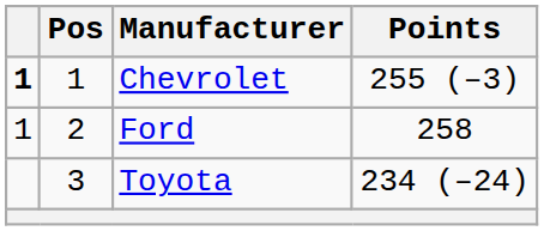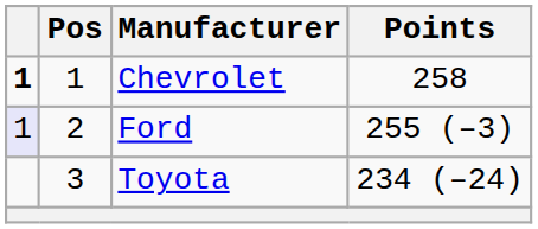 <table class="wikitable" style="font-size: 95%;">
 <tr>
 <th></th>
 <th>Pos</th>
 <th>Manufacturer</th>
 <th>Points</th>
 </tr>
 <tr>
 <td align="left"><strong> 1</strong></td>
 <td style="text-align:center;">1</td>
 <td><a href='#'>Chevrolet</a></td>
-<td style="text-align:center;">255 (–3)</td>
+<td style="text-align:center;">258</td>
 </tr>
 <tr>
-<td align="left"> 1</td>
+<td align="left" style="background: lavender;"> 1</td>
 <td style="text-align:center;">2</td>
 <td><a href='#'>Ford</a></td>
-<td style="text-align:center;">258</td>
+<td style="text-align:center;">255 (–3)</td>
 </tr>
 <tr>
 <td align="left"></td>
 <td style="text-align:center;">3</td>
 <td><a href='#'>Toyota</a></td>
 <td style="text-align:center;">234 (–24)</td>
 </tr>
 <tr class="sortbottom">
 <th colspan="9"></th>
 </tr>
 </table>
